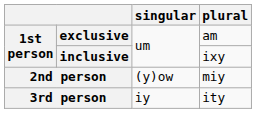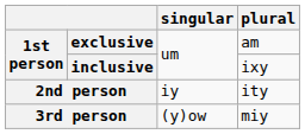 <table class="wikitable">
 <tr>
 <th colspan="2"></th>
 <th>singular</th>
 <th>plural</th>
 </tr>
 <tr>
 <th rowspan="2">1st<br>person</th>
 <th>exclusive</th>
 <td rowspan="2">um</td>
 <td>am</td>
 </tr>
 <tr>
 <th>inclusive</th>
 <td>ixy</td>
 </tr>
 <tr>
 <th colspan="2">2nd person</th>
+<td>iy</td>
+<td>ity</td>
+</tr>
+<tr>
+<th colspan="2">3rd person</th>
 <td>(y)ow</td>
 <td>miy</td>
 </tr>
-<tr>
-<th colspan="2">3rd person</th>
-<td>iy</td>
-<td>ity</td>
-</tr>
 </table>
